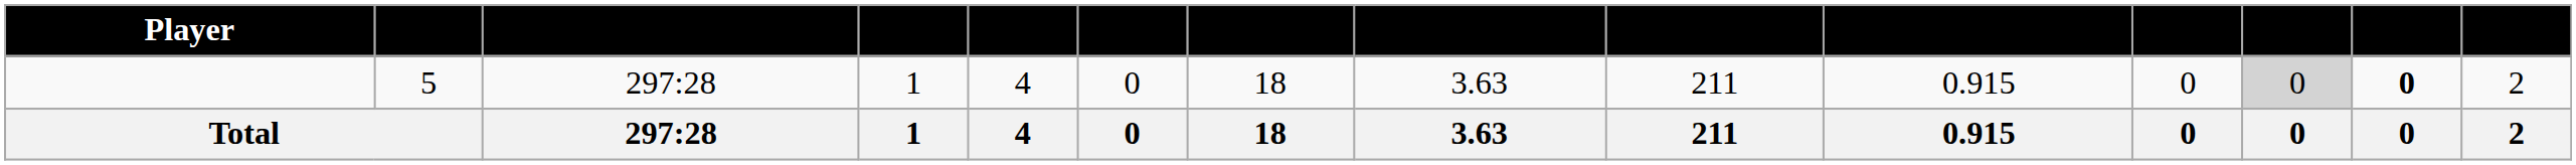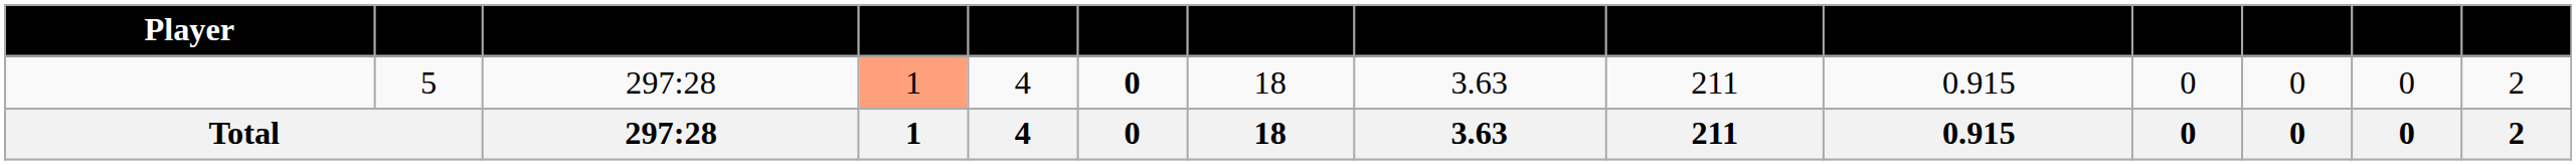 <table class="wikitable sortable" style="width:100%; text-align:center;">
 <tr>
 <th style="color:white; background:#000000; ">Player</th>
 <th style="color:white; background:#000000; "></th>
 <th style="color:white; background:#000000; "></th>
 <th style="color:white; background:#000000; "></th>
 <th style="color:white; background:#000000; "></th>
 <th style="color:white; background:#000000; "></th>
 <th style="color:white; background:#000000; "></th>
 <th style="color:white; background:#000000; "></th>
 <th style="color:white; background:#000000; "></th>
 <th style="color:white; background:#000000; "></th>
 <th style="color:white; background:#000000; "></th>
 <th style="color:white; background:#000000; "></th>
 <th style="color:white; background:#000000; "></th>
 <th style="color:white; background:#000000; "></th>
 </tr>
 <tr>
 <td></td>
 <td>5</td>
 <td>297:28</td>
-<td>1</td>
+<td style="background: lightsalmon;">1</td>
 <td>4</td>
-<td>0</td>
+<td><strong>0</strong></td>
 <td>18</td>
 <td>3.63</td>
 <td>211</td>
 <td>0.915</td>
 <td>0</td>
-<td style="background: lightgrey;">0</td>
-<td><strong>0</strong></td>
+<td>0</td>
+<td>0</td>
 <td>2</td>
 </tr>
 <tr class="sortbotom">
 <th colspan=2>Total</th>
 <th>297:28</th>
 <th>1</th>
 <th>4</th>
 <th>0</th>
 <th>18</th>
 <th>3.63</th>
 <th>211</th>
 <th>0.915</th>
 <th>0</th>
 <th>0</th>
 <th>0</th>
 <th>2</th>
 </tr>
 </table>
